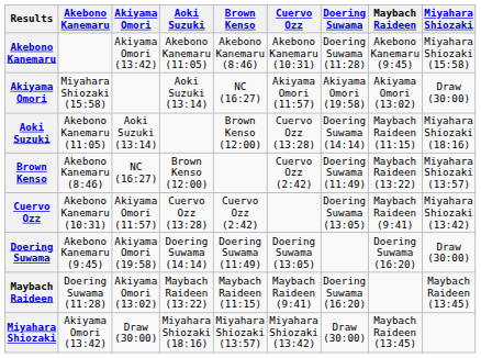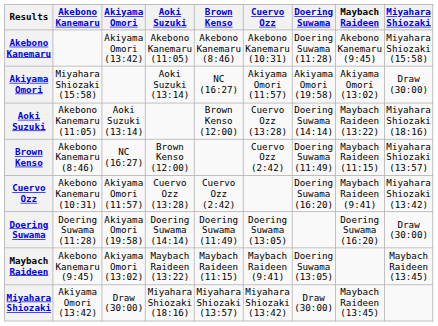 <table class="wikitable" style="text-align:center; margin: 1em auto 1em auto">
 <tr>
 <th>Results</th>
 <th><a href='#'>Akebono</a><br><a href='#'>Kanemaru</a></th>
 <th><a href='#'>Akiyama</a><br><a href='#'>Omori</a></th>
 <th><a href='#'>Aoki</a><br><a href='#'>Suzuki</a></th>
 <th><a href='#'>Brown</a><br><a href='#'>Kenso</a></th>
 <th><a href='#'>Cuervo</a><br><a href='#'>Ozz</a></th>
 <th><a href='#'>Doering</a><br><a href='#'>Suwama</a></th>
 <th>Maybach<br><a href='#'>Raideen</a></th>
 <th><a href='#'>Miyahara</a><br><a href='#'>Shiozaki</a></th>
 </tr>
 <tr>
 <th><a href='#'>Akebono</a><br><a href='#'>Kanemaru</a></th>
 <td></td>
 <td>Akiyama<br>Omori<br>(13:42)</td>
 <td>Akebono<br>Kanemaru<br>(11:05)</td>
 <td>Akebono<br>Kanemaru<br>(8:46)</td>
 <td>Akebono<br>Kanemaru<br>(10:31)</td>
 <td>Doering<br>Suwama<br>(11:28)</td>
 <td>Akebono<br>Kanemaru<br>(9:45)</td>
 <td>Miyahara<br>Shiozaki<br>(15:58)</td>
 </tr>
 <tr>
 <th><a href='#'>Akiyama</a><br><a href='#'>Omori</a></th>
 <td>Miyahara<br>Shiozaki<br>(15:58)</td>
 <td></td>
 <td>Aoki<br>Suzuki<br>(13:14)</td>
 <td>NC<br>(16:27)</td>
 <td>Akiyama<br>Omori<br>(11:57)</td>
 <td>Akiyama<br>Omori<br>(19:58)</td>
 <td>Akiyama<br>Omori<br>(13:02)</td>
 <td>Draw<br>(30:00)</td>
 </tr>
 <tr>
 <th><a href='#'>Aoki</a><br><a href='#'>Suzuki</a></th>
 <td>Akebono<br>Kanemaru<br>(11:05)</td>
 <td>Aoki<br>Suzuki<br>(13:14)</td>
 <td></td>
 <td>Brown<br>Kenso<br>(12:00)</td>
 <td>Cuervo<br>Ozz<br>(13:28)</td>
 <td>Doering<br>Suwama<br>(14:14)</td>
-<td>Maybach<br>Raideen<br>(11:15)</td>
+<td>Maybach<br>Raideen<br>(13:22)</td>
 <td>Miyahara<br>Shiozaki<br>(18:16)</td>
 </tr>
 <tr>
 <th><a href='#'>Brown</a><br><a href='#'>Kenso</a></th>
 <td>Akebono<br>Kanemaru<br>(8:46)</td>
 <td>NC<br>(16:27)</td>
 <td>Brown<br>Kenso<br>(12:00)</td>
 <td></td>
 <td>Cuervo<br>Ozz<br>(2:42)</td>
 <td>Doering<br>Suwama<br>(11:49)</td>
-<td>Maybach<br>Raideen<br>(13:22)</td>
+<td>Maybach<br>Raideen<br>(11:15)</td>
 <td>Miyahara<br>Shiozaki<br>(13:57)</td>
 </tr>
 <tr>
 <th><a href='#'>Cuervo</a><br><a href='#'>Ozz</a></th>
 <td>Akebono<br>Kanemaru<br>(10:31)</td>
 <td>Akiyama<br>Omori<br>(11:57)</td>
 <td>Cuervo<br>Ozz<br>(13:28)</td>
 <td>Cuervo<br>Ozz<br>(2:42)</td>
 <td></td>
-<td>Doering<br>Suwama<br>(13:05)</td>
+<td>Doering<br>Suwama<br>(16:20)</td>
 <td>Maybach<br>Raideen<br>(9:41)</td>
 <td>Miyahara<br>Shiozaki<br>(13:42)</td>
 </tr>
 <tr>
 <th><a href='#'>Doering</a><br><a href='#'>Suwama</a></th>
-<td>Akebono<br>Kanemaru<br>(9:45)</td>
+<td>Doering<br>Suwama<br>(11:28)</td>
 <td>Akiyama<br>Omori<br>(19:58)</td>
 <td>Doering<br>Suwama<br>(14:14)</td>
 <td>Doering<br>Suwama<br>(11:49)</td>
 <td>Doering<br>Suwama<br>(13:05)</td>
 <td></td>
 <td>Doering<br>Suwama<br>(16:20)</td>
 <td>Draw<br>(30:00)</td>
 </tr>
 <tr>
 <th>Maybach<br><a href='#'>Raideen</a></th>
-<td>Doering<br>Suwama<br>(11:28)</td>
+<td>Akebono<br>Kanemaru<br>(9:45)</td>
 <td>Akiyama<br>Omori<br>(13:02)</td>
 <td>Maybach<br>Raideen<br>(13:22)</td>
 <td>Maybach<br>Raideen<br>(11:15)</td>
 <td>Maybach<br>Raideen<br>(9:41)</td>
-<td>Doering<br>Suwama<br>(16:20)</td>
+<td>Doering<br>Suwama<br>(13:05)</td>
 <td></td>
 <td>Maybach<br>Raideen<br>(13:45)</td>
 </tr>
 <tr>
 <th><a href='#'>Miyahara</a><br><a href='#'>Shiozaki</a></th>
 <td>Akiyama<br>Omori<br>(13:42)</td>
 <td>Draw<br>(30:00)</td>
 <td>Miyahara<br>Shiozaki<br>(18:16)</td>
 <td>Miyahara<br>Shiozaki<br>(13:57)</td>
 <td>Miyahara<br>Shiozaki<br>(13:42)</td>
 <td>Draw<br>(30:00)</td>
 <td>Maybach<br>Raideen<br>(13:45)</td>
 <td></td>
 </tr>
 </table>
